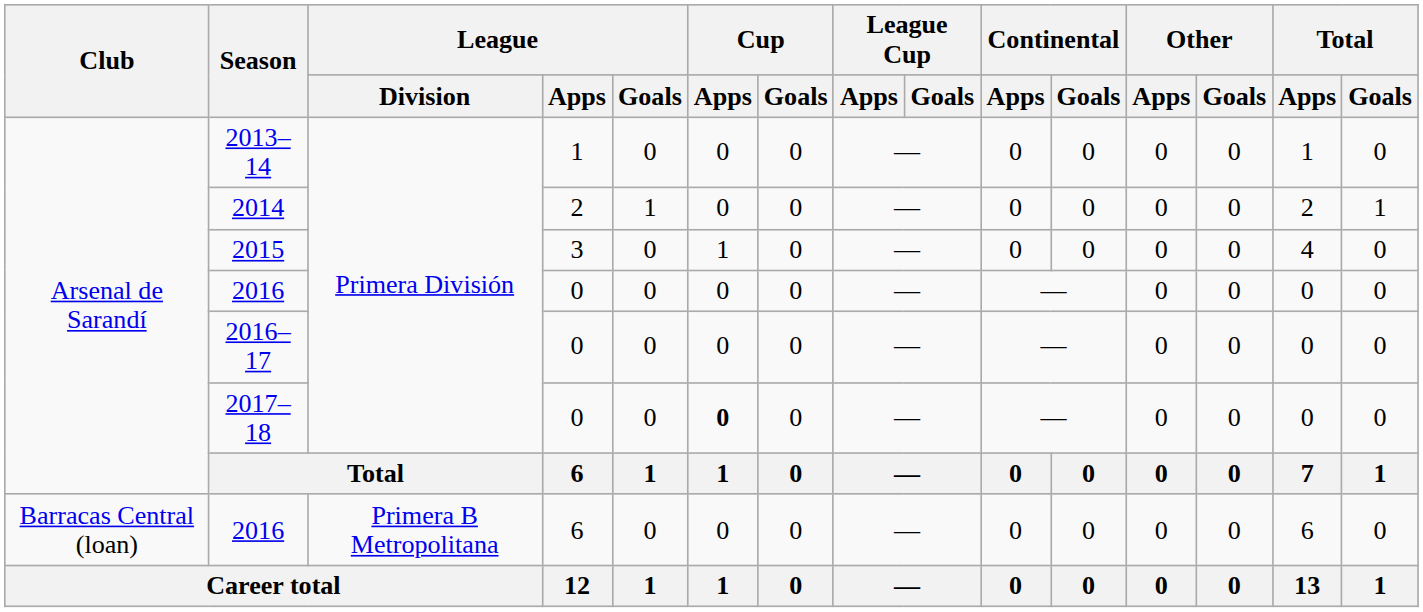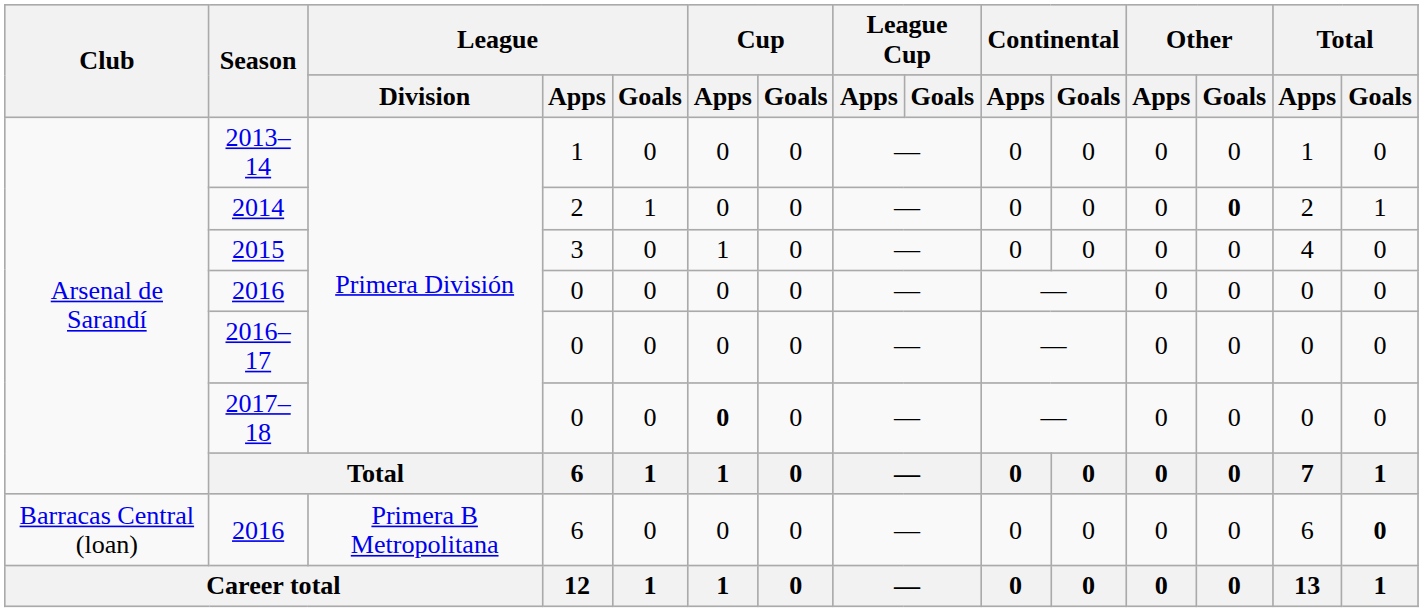 <table class="wikitable" style="text-align:center">
 <tr>
 <th rowspan="2">Club</th>
 <th rowspan="2">Season</th>
 <th colspan="3">League</th>
 <th colspan="2">Cup</th>
 <th colspan="2">League Cup</th>
 <th colspan="2">Continental</th>
 <th colspan="2">Other</th>
 <th colspan="2">Total</th>
 </tr>
 <tr>
 <th>Division</th>
 <th>Apps</th>
 <th>Goals</th>
 <th>Apps</th>
 <th>Goals</th>
 <th>Apps</th>
 <th>Goals</th>
 <th>Apps</th>
 <th>Goals</th>
 <th>Apps</th>
 <th>Goals</th>
 <th>Apps</th>
 <th>Goals</th>
 </tr>
 <tr>
 <td rowspan="7"><a href='#'>Arsenal de Sarandí</a></td>
 <td><a href='#'>2013–14</a></td>
 <td rowspan="6"><a href='#'>Primera División</a></td>
 <td>1</td>
 <td>0</td>
 <td>0</td>
 <td>0</td>
 <td colspan="2">—</td>
 <td>0</td>
 <td>0</td>
 <td>0</td>
 <td>0</td>
 <td>1</td>
 <td>0</td>
 </tr>
 <tr>
 <td><a href='#'>2014</a></td>
 <td>2</td>
 <td>1</td>
 <td>0</td>
 <td>0</td>
 <td colspan="2">—</td>
 <td>0</td>
 <td>0</td>
 <td>0</td>
-<td>0</td>
+<td><strong>0</strong></td>
 <td>2</td>
 <td>1</td>
 </tr>
 <tr>
 <td><a href='#'>2015</a></td>
 <td>3</td>
 <td>0</td>
 <td>1</td>
 <td>0</td>
 <td colspan="2">—</td>
 <td>0</td>
 <td>0</td>
 <td>0</td>
 <td>0</td>
 <td>4</td>
 <td>0</td>
 </tr>
 <tr>
 <td><a href='#'>2016</a></td>
 <td>0</td>
 <td>0</td>
 <td>0</td>
 <td>0</td>
 <td colspan="2">—</td>
 <td colspan="2">—</td>
 <td>0</td>
 <td>0</td>
 <td>0</td>
 <td>0</td>
 </tr>
 <tr>
 <td><a href='#'>2016–17</a></td>
 <td>0</td>
 <td>0</td>
 <td>0</td>
 <td>0</td>
 <td colspan="2">—</td>
 <td colspan="2">—</td>
 <td>0</td>
 <td>0</td>
 <td>0</td>
 <td>0</td>
 </tr>
 <tr>
 <td><a href='#'>2017–18</a></td>
 <td>0</td>
 <td>0</td>
 <td><strong>0</strong></td>
 <td>0</td>
 <td colspan="2">—</td>
 <td colspan="2">—</td>
 <td>0</td>
 <td>0</td>
 <td>0</td>
 <td>0</td>
 </tr>
 <tr>
 <th colspan="2">Total</th>
 <th>6</th>
 <th>1</th>
 <th>1</th>
 <th>0</th>
 <th colspan="2">—</th>
 <th>0</th>
 <th>0</th>
 <th>0</th>
 <th>0</th>
 <th>7</th>
 <th>1</th>
 </tr>
 <tr>
 <td rowspan="1"><a href='#'>Barracas Central</a> (loan)</td>
 <td><a href='#'>2016</a></td>
 <td rowspan="1"><a href='#'>Primera B Metropolitana</a></td>
 <td>6</td>
 <td>0</td>
 <td>0</td>
 <td>0</td>
 <td colspan="2">—</td>
 <td>0</td>
 <td>0</td>
 <td>0</td>
 <td>0</td>
 <td>6</td>
-<td>0</td>
+<td><strong>0</strong></td>
 </tr>
 <tr>
 <th colspan="3">Career total</th>
 <th>12</th>
 <th>1</th>
 <th>1</th>
 <th>0</th>
 <th colspan="2">—</th>
 <th>0</th>
 <th>0</th>
 <th>0</th>
 <th>0</th>
 <th>13</th>
 <th>1</th>
 </tr>
 </table>
